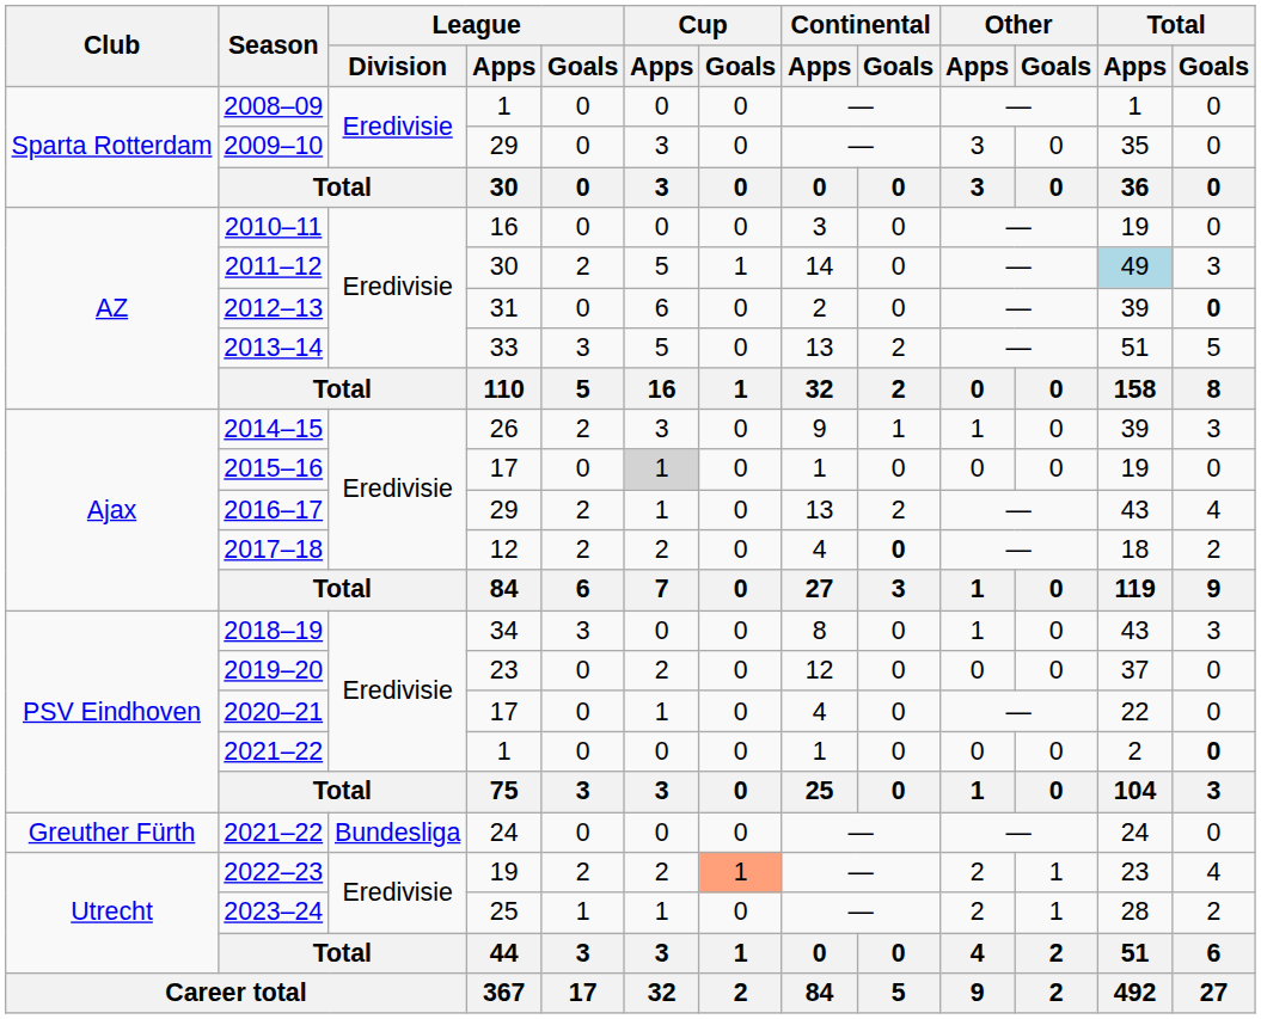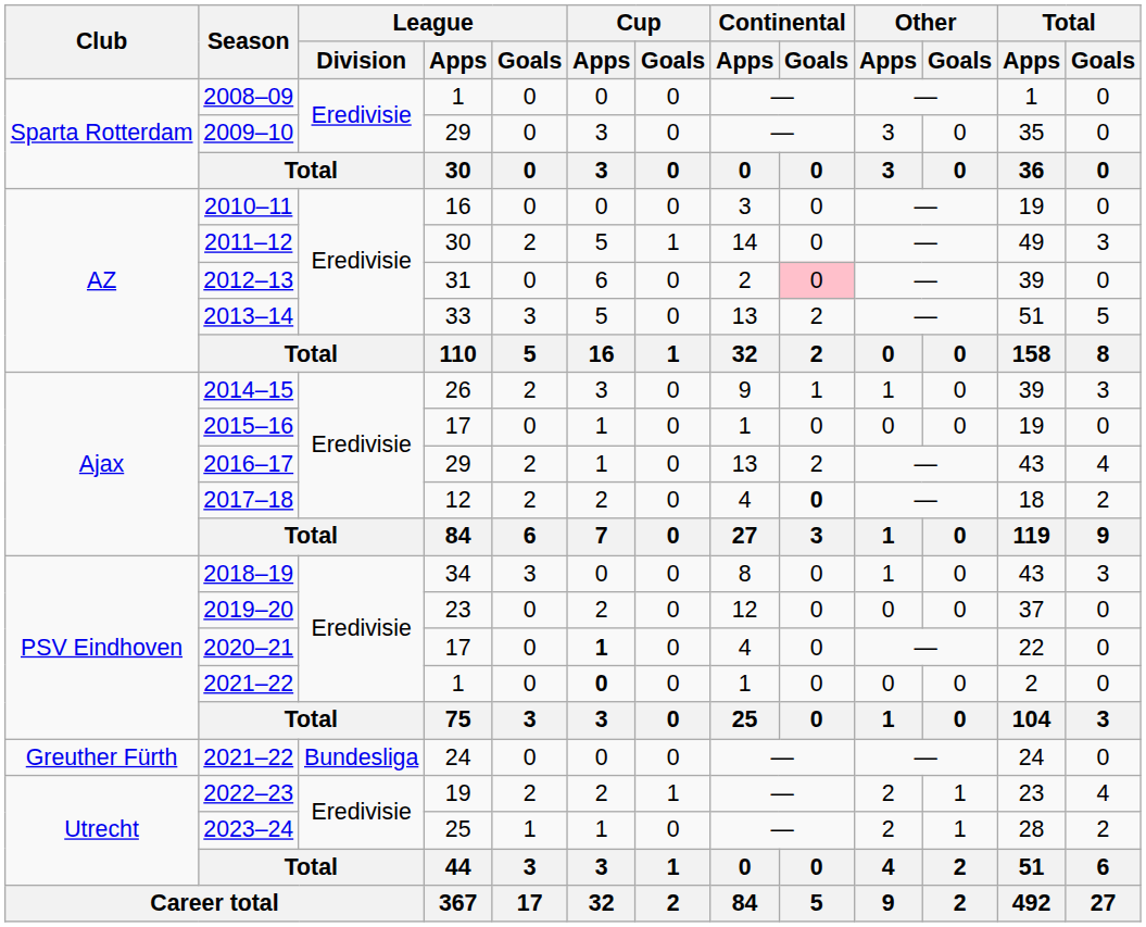 <table class="wikitable" style="text-align:center">
 <tr>
 <th rowspan="2">Club</th>
 <th rowspan="2">Season</th>
 <th colspan="3">League</th>
 <th colspan="2">Cup</th>
 <th colspan="2">Continental</th>
 <th colspan="2">Other</th>
 <th colspan="2">Total</th>
 </tr>
 <tr>
 <th>Division</th>
 <th>Apps</th>
 <th>Goals</th>
 <th>Apps</th>
 <th>Goals</th>
 <th>Apps</th>
 <th>Goals</th>
 <th>Apps</th>
 <th>Goals</th>
 <th>Apps</th>
 <th>Goals</th>
 </tr>
 <tr>
 <td rowspan="3"><a href='#'>Sparta Rotterdam</a></td>
 <td><a href='#'>2008–09</a></td>
 <td rowspan="2"><a href='#'>Eredivisie</a></td>
 <td>1</td>
 <td>0</td>
 <td>0</td>
 <td>0</td>
 <td colspan="2">—</td>
 <td colspan="2">—</td>
 <td>1</td>
 <td>0</td>
 </tr>
 <tr>
 <td><a href='#'>2009–10</a></td>
 <td>29</td>
 <td>0</td>
 <td>3</td>
 <td>0</td>
 <td colspan="2">—</td>
 <td>3</td>
 <td>0</td>
 <td>35</td>
 <td>0</td>
 </tr>
 <tr>
 <th colspan="2">Total</th>
 <th>30</th>
 <th>0</th>
 <th>3</th>
 <th>0</th>
 <th>0</th>
 <th>0</th>
 <th>3</th>
 <th>0</th>
 <th>36</th>
 <th>0</th>
 </tr>
 <tr>
 <td rowspan="5"><a href='#'>AZ</a></td>
 <td><a href='#'>2010–11</a></td>
 <td rowspan="4">Eredivisie</td>
 <td>16</td>
 <td>0</td>
 <td>0</td>
 <td>0</td>
 <td>3</td>
 <td>0</td>
 <td colspan="2">—</td>
 <td>19</td>
 <td>0</td>
 </tr>
 <tr>
 <td><a href='#'>2011–12</a></td>
 <td>30</td>
 <td>2</td>
 <td>5</td>
 <td>1</td>
 <td>14</td>
 <td>0</td>
 <td colspan="2">—</td>
-<td style="background: lightblue;">49</td>
+<td>49</td>
 <td>3</td>
 </tr>
 <tr>
 <td><a href='#'>2012–13</a></td>
 <td>31</td>
 <td>0</td>
 <td>6</td>
 <td>0</td>
 <td>2</td>
-<td>0</td>
+<td style="background: pink;">0</td>
 <td colspan="2">—</td>
 <td>39</td>
-<td><strong>0</strong></td>
+<td>0</td>
 </tr>
 <tr>
 <td><a href='#'>2013–14</a></td>
 <td>33</td>
 <td>3</td>
 <td>5</td>
 <td>0</td>
 <td>13</td>
 <td>2</td>
 <td colspan="2">—</td>
 <td>51</td>
 <td>5</td>
 </tr>
 <tr>
 <th colspan="2">Total</th>
 <th>110</th>
 <th>5</th>
 <th>16</th>
 <th>1</th>
 <th>32</th>
 <th>2</th>
 <th>0</th>
 <th>0</th>
 <th>158</th>
 <th>8</th>
 </tr>
 <tr>
 <td rowspan="5"><a href='#'>Ajax</a></td>
 <td><a href='#'>2014–15</a></td>
 <td rowspan="4">Eredivisie</td>
 <td>26</td>
 <td>2</td>
 <td>3</td>
 <td>0</td>
 <td>9</td>
 <td>1</td>
 <td>1</td>
 <td>0</td>
 <td>39</td>
 <td>3</td>
 </tr>
 <tr>
 <td><a href='#'>2015–16</a></td>
 <td>17</td>
 <td>0</td>
-<td style="background: lightgrey;">1</td>
+<td>1</td>
 <td>0</td>
 <td>1</td>
 <td>0</td>
 <td>0</td>
 <td>0</td>
 <td>19</td>
 <td>0</td>
 </tr>
 <tr>
 <td><a href='#'>2016–17</a></td>
 <td>29</td>
 <td>2</td>
 <td>1</td>
 <td>0</td>
 <td>13</td>
 <td>2</td>
 <td colspan="2">—</td>
 <td>43</td>
 <td>4</td>
 </tr>
 <tr>
 <td><a href='#'>2017–18</a></td>
 <td>12</td>
 <td>2</td>
 <td>2</td>
 <td>0</td>
 <td>4</td>
 <td><strong>0</strong></td>
 <td colspan="2">—</td>
 <td>18</td>
 <td>2</td>
 </tr>
 <tr>
 <th colspan="2">Total</th>
 <th>84</th>
 <th>6</th>
 <th>7</th>
 <th>0</th>
 <th>27</th>
 <th>3</th>
 <th>1</th>
 <th>0</th>
 <th>119</th>
 <th>9</th>
 </tr>
 <tr>
 <td rowspan="5"><a href='#'>PSV Eindhoven</a></td>
 <td><a href='#'>2018–19</a></td>
 <td rowspan="4">Eredivisie</td>
 <td>34</td>
 <td>3</td>
 <td>0</td>
 <td>0</td>
 <td>8</td>
 <td>0</td>
 <td>1</td>
 <td>0</td>
 <td>43</td>
 <td>3</td>
 </tr>
 <tr>
 <td><a href='#'>2019–20</a></td>
 <td>23</td>
 <td>0</td>
 <td>2</td>
 <td>0</td>
 <td>12</td>
 <td>0</td>
 <td>0</td>
 <td>0</td>
 <td>37</td>
 <td>0</td>
 </tr>
 <tr>
 <td><a href='#'>2020–21</a></td>
 <td>17</td>
 <td>0</td>
-<td>1</td>
+<td><strong>1</strong></td>
 <td>0</td>
 <td>4</td>
 <td>0</td>
 <td colspan="2">—</td>
 <td>22</td>
 <td>0</td>
 </tr>
 <tr>
 <td><a href='#'>2021–22</a></td>
 <td>1</td>
 <td>0</td>
-<td>0</td>
+<td><strong>0</strong></td>
 <td>0</td>
 <td>1</td>
 <td>0</td>
 <td>0</td>
 <td>0</td>
 <td>2</td>
-<td><strong>0</strong></td>
+<td>0</td>
 </tr>
 <tr>
 <th colspan="2">Total</th>
 <th>75</th>
 <th>3</th>
 <th>3</th>
 <th>0</th>
 <th>25</th>
 <th>0</th>
 <th>1</th>
 <th>0</th>
 <th>104</th>
 <th>3</th>
 </tr>
 <tr>
 <td><a href='#'>Greuther Fürth</a></td>
 <td><a href='#'>2021–22</a></td>
 <td><a href='#'>Bundesliga</a></td>
 <td>24</td>
 <td>0</td>
 <td>0</td>
 <td>0</td>
 <td colspan="2">—</td>
 <td colspan="2">—</td>
 <td>24</td>
 <td>0</td>
 </tr>
 <tr>
 <td rowspan="3"><a href='#'>Utrecht</a></td>
 <td><a href='#'>2022–23</a></td>
 <td rowspan="2">Eredivisie</td>
 <td>19</td>
 <td>2</td>
 <td>2</td>
-<td style="background: lightsalmon;">1</td>
+<td>1</td>
 <td colspan="2">—</td>
 <td>2</td>
 <td>1</td>
 <td>23</td>
 <td>4</td>
 </tr>
 <tr>
 <td><a href='#'>2023–24</a></td>
 <td>25</td>
 <td>1</td>
 <td>1</td>
 <td>0</td>
 <td colspan="2">—</td>
 <td>2</td>
 <td>1</td>
 <td>28</td>
 <td>2</td>
 </tr>
 <tr>
 <th colspan="2">Total</th>
 <th>44</th>
 <th>3</th>
 <th>3</th>
 <th>1</th>
 <th>0</th>
 <th>0</th>
 <th>4</th>
 <th>2</th>
 <th>51</th>
 <th>6</th>
 </tr>
 <tr>
 <th colspan="3">Career total</th>
 <th>367</th>
 <th>17</th>
 <th>32</th>
 <th>2</th>
 <th>84</th>
 <th>5</th>
 <th>9</th>
 <th>2</th>
 <th>492</th>
 <th>27</th>
 </tr>
 </table>
